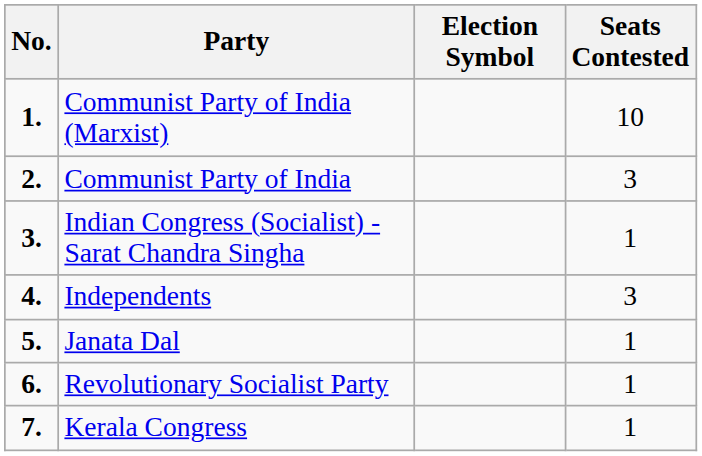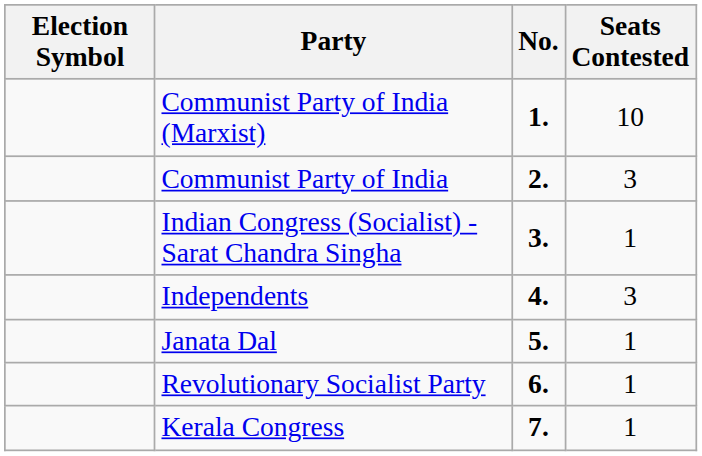 <table class="wikitable">
 <tr>
+<th scope="col" style="width:80px;">Election Symbol</th>
+<th scope="col" style="width:200px;">Party</th>
 <th scope="col" style="width:4px;">No.</th>
-<th scope="col" style="width:200px;">Party</th>
-<th scope="col" style="width:80px;">Election Symbol</th>
 <th scope="col" style="width:60px;">Seats Contested</th>
 </tr>
 <tr style="height: 45px;">
+<td></td>
+<td><a href='#'>Communist Party of India (Marxist)</a></td>
 <td style="text-align:center; background:"><strong>1.</strong></td>
-<td><a href='#'>Communist Party of India (Marxist)</a></td>
-<td></td>
 <td style="text-align:center;">10</td>
 </tr>
 <tr style="height: 4px;">
+<td></td>
+<td><a href='#'>Communist Party of India</a></td>
 <td style="text-align:center; background:"><strong>2.</strong></td>
-<td><a href='#'>Communist Party of India</a></td>
-<td></td>
 <td style="text-align:center;">3</td>
 </tr>
 <tr>
+<td style="text-align:center;"></td>
+<td><a href='#'>Indian Congress (Socialist) - Sarat Chandra Singha</a></td>
 <td style="text-align:center; background:"><strong>3.</strong></td>
-<td><a href='#'>Indian Congress (Socialist) - Sarat Chandra Singha</a></td>
-<td style="text-align:center;"></td>
 <td style="text-align:center;">1</td>
 </tr>
 <tr>
+<td style="text-align:center;"></td>
+<td><a href='#'>  Independents</a></td>
 <td style="text-align:center; background:"><strong>4.</strong></td>
-<td><a href='#'>  Independents</a></td>
-<td style="text-align:center;"></td>
 <td style="text-align:center;">3</td>
 </tr>
 <tr>
+<td style="text-align:center;"></td>
+<td><a href='#'>Janata Dal</a></td>
 <td style="text-align:center; background:"><strong>5.</strong></td>
-<td><a href='#'>Janata Dal</a></td>
-<td style="text-align:center;"></td>
 <td style="text-align:center;">1</td>
 </tr>
 <tr>
+<td style="text-align:center;"></td>
+<td><a href='#'>Revolutionary Socialist Party</a></td>
 <td style="text-align:center; background:"><strong>6.</strong></td>
-<td><a href='#'>Revolutionary Socialist Party</a></td>
-<td style="text-align:center;"></td>
 <td style="text-align:center;">1</td>
 </tr>
 <tr style="height: 4px;">
+<td style="text-align:center;"></td>
+<td><a href='#'>Kerala Congress</a></td>
 <td style="text-align:center; background:"><strong>7.</strong></td>
-<td><a href='#'>Kerala Congress</a></td>
-<td style="text-align:center;"></td>
 <td style="text-align:center;">1</td>
 </tr>
 </table>
